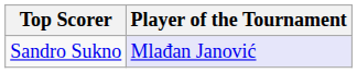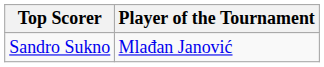 <table class=wikitable style="text-align:left; margin:auto">
 <tr>
 <th>Top Scorer</th>
 <th>Player of the Tournament</th>
 </tr>
 <tr>
 <td> <a href='#'>Sandro Sukno</a></td>
-<td style="background: lavender;"> <a href='#'>Mlađan Janović</a></td>
+<td> <a href='#'>Mlađan Janović</a></td>
 </tr>
 </table>
